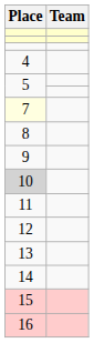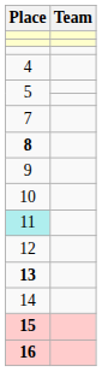 <table class="wikitable">
 <tr>
 <th>Place</th>
 <th>Team</th>
 </tr>
 <tr bgcolor=#ffffcc>
 <td align=center></td>
 <td></td>
 </tr>
 <tr bgcolor=#ffffcc>
 <td align=center></td>
 <td></td>
 </tr>
 <tr>
 <td align=center></td>
 <td></td>
 </tr>
 <tr>
 <td align=center>4</td>
 <td></td>
 </tr>
 <tr>
 <td align=center rowspan=2>5</td>
 <td></td>
 </tr>
 <tr>
 <td></td>
 </tr>
 <tr>
-<td align=center style="background: lightyellow;">7</td>
+<td align=center>7</td>
 <td></td>
 </tr>
 <tr>
-<td align=center>8</td>
+<td align=center><strong>8</strong></td>
 <td></td>
 </tr>
 <tr>
 <td align=center>9</td>
 <td></td>
 </tr>
 <tr>
-<td align=center style="background: lightgrey;">10</td>
+<td align=center>10</td>
 <td></td>
 </tr>
 <tr>
-<td align=center>11</td>
+<td align=center style="background: paleturquoise;">11</td>
 <td></td>
 </tr>
 <tr>
 <td align=center>12</td>
 <td></td>
 </tr>
 <tr>
-<td align=center>13</td>
+<td align=center><strong>13</strong></td>
 <td></td>
 </tr>
 <tr>
 <td align=center>14</td>
 <td></td>
 </tr>
 <tr bgcolor=#ffcccc>
-<td align=center>15</td>
+<td align=center><strong>15</strong></td>
 <td></td>
 </tr>
 <tr bgcolor=#ffcccc>
-<td align=center>16</td>
+<td align=center><strong>16</strong></td>
 <td></td>
 </tr>
 </table>
